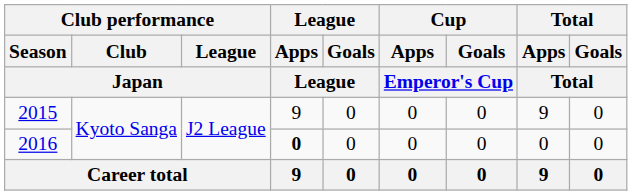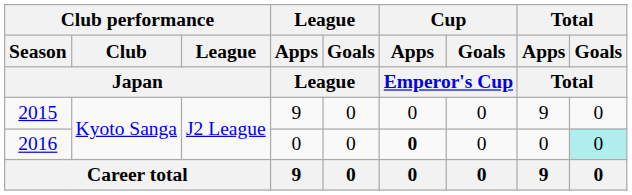 <table class="wikitable" style="text-align:center">
 <tr>
 <th colspan=3>Club performance</th>
 <th colspan=2>League</th>
 <th colspan=2>Cup</th>
 <th colspan=2>Total</th>
 </tr>
 <tr>
 <th>Season</th>
 <th>Club</th>
 <th>League</th>
 <th>Apps</th>
 <th>Goals</th>
 <th>Apps</th>
 <th>Goals</th>
 <th>Apps</th>
 <th>Goals</th>
 </tr>
 <tr>
 <th colspan=3>Japan</th>
 <th colspan=2>League</th>
 <th colspan=2><a href='#'>Emperor's Cup</a></th>
 <th colspan=2>Total</th>
 </tr>
 <tr>
 <td><a href='#'>2015</a></td>
 <td rowspan="2"><a href='#'>Kyoto Sanga</a></td>
 <td rowspan="2"><a href='#'>J2 League</a></td>
 <td>9</td>
 <td>0</td>
 <td>0</td>
 <td>0</td>
 <td>9</td>
 <td>0</td>
 </tr>
 <tr>
 <td><a href='#'>2016</a></td>
+<td>0</td>
+<td>0</td>
 <td><strong>0</strong></td>
 <td>0</td>
 <td>0</td>
-<td>0</td>
-<td>0</td>
-<td>0</td>
+<td style="background: paleturquoise;">0</td>
 </tr>
 <tr>
 <th colspan=3>Career total</th>
 <th>9</th>
 <th>0</th>
 <th>0</th>
 <th>0</th>
 <th>9</th>
 <th>0</th>
 </tr>
 </table>
